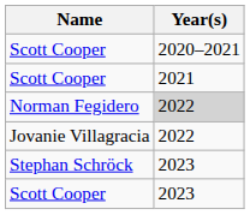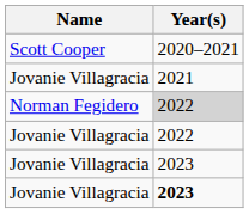 <table class="wikitable">
 <tr>
 <th>Name</th>
 <th>Year(s)</th>
 </tr>
 <tr>
 <td> <a href='#'>Scott Cooper</a></td>
 <td>2020–2021</td>
 </tr>
 <tr>
-<td> <a href='#'>Scott Cooper</a></td>
+<td> Jovanie Villagracia</td>
 <td>2021</td>
 </tr>
 <tr>
 <td> <a href='#'>Norman Fegidero</a></td>
 <td style="background: lightgrey;">2022</td>
 </tr>
 <tr>
 <td> Jovanie Villagracia</td>
 <td>2022</td>
 </tr>
 <tr>
-<td> <a href='#'>Stephan Schröck</a></td>
+<td> Jovanie Villagracia</td>
 <td>2023</td>
 </tr>
 <tr>
-<td> <a href='#'>Scott Cooper</a></td>
-<td>2023</td>
+<td> Jovanie Villagracia</td>
+<td><strong>2023</strong></td>
 </tr>
 </table>
